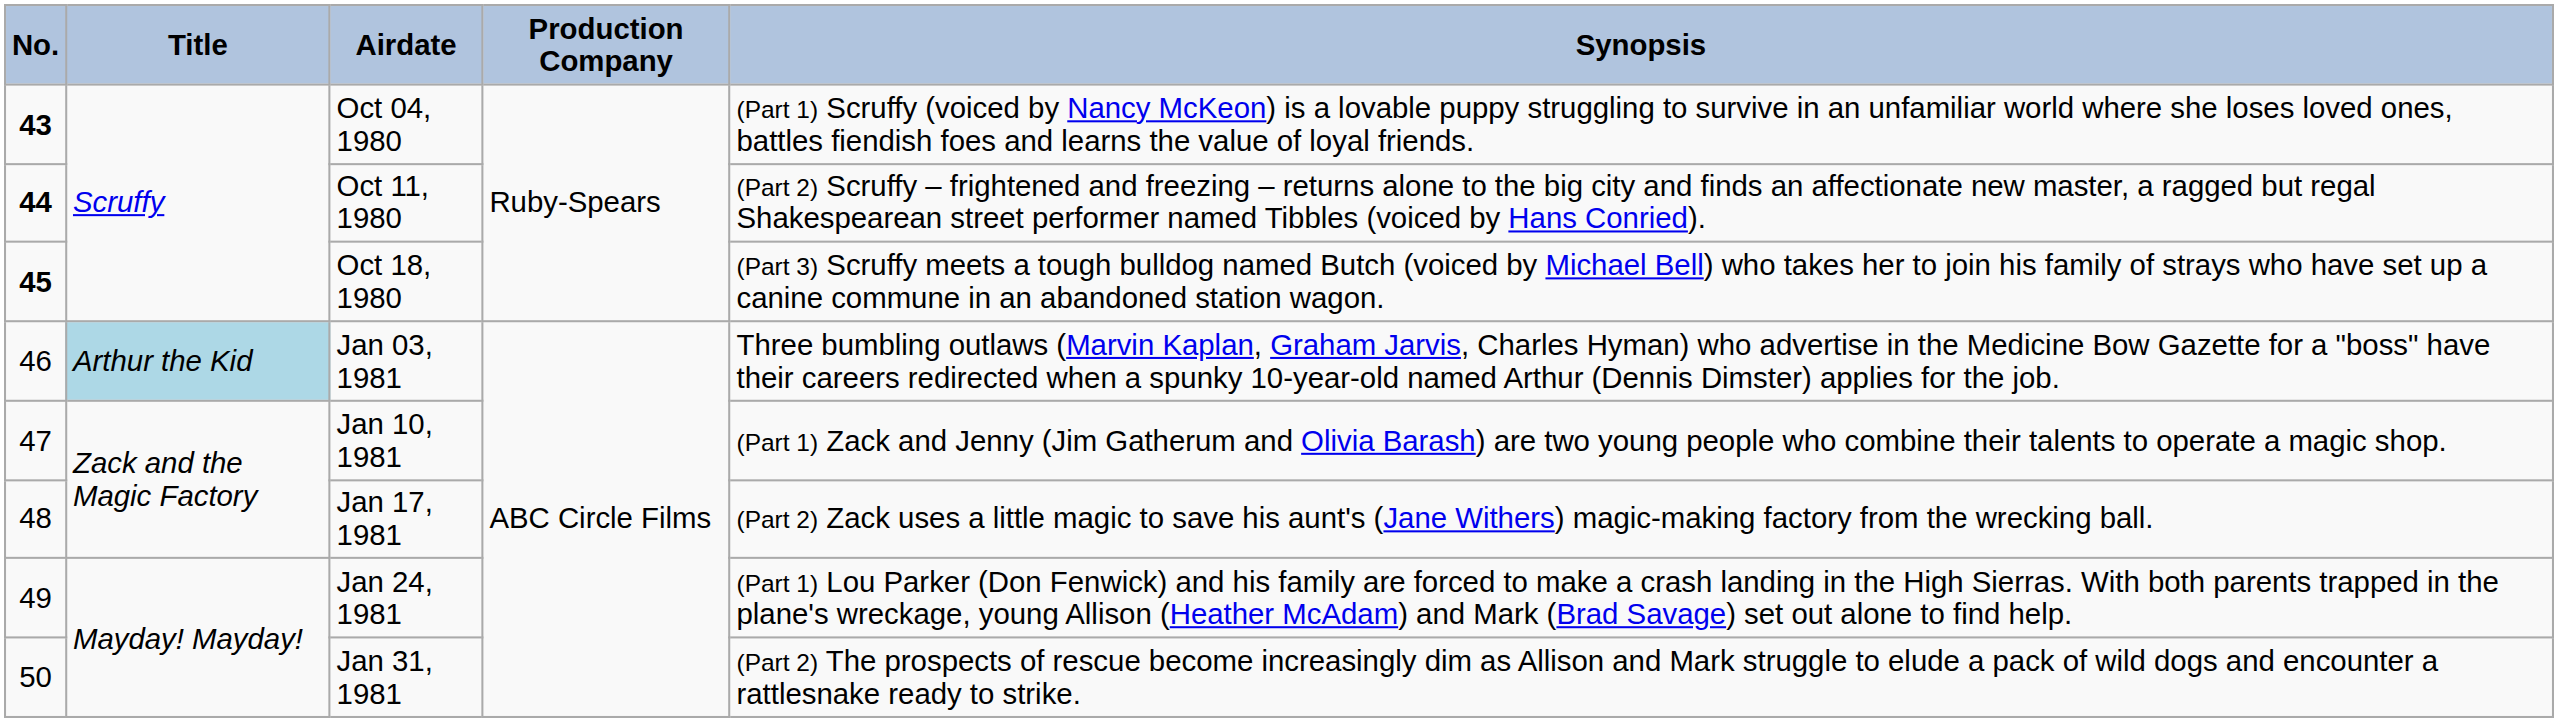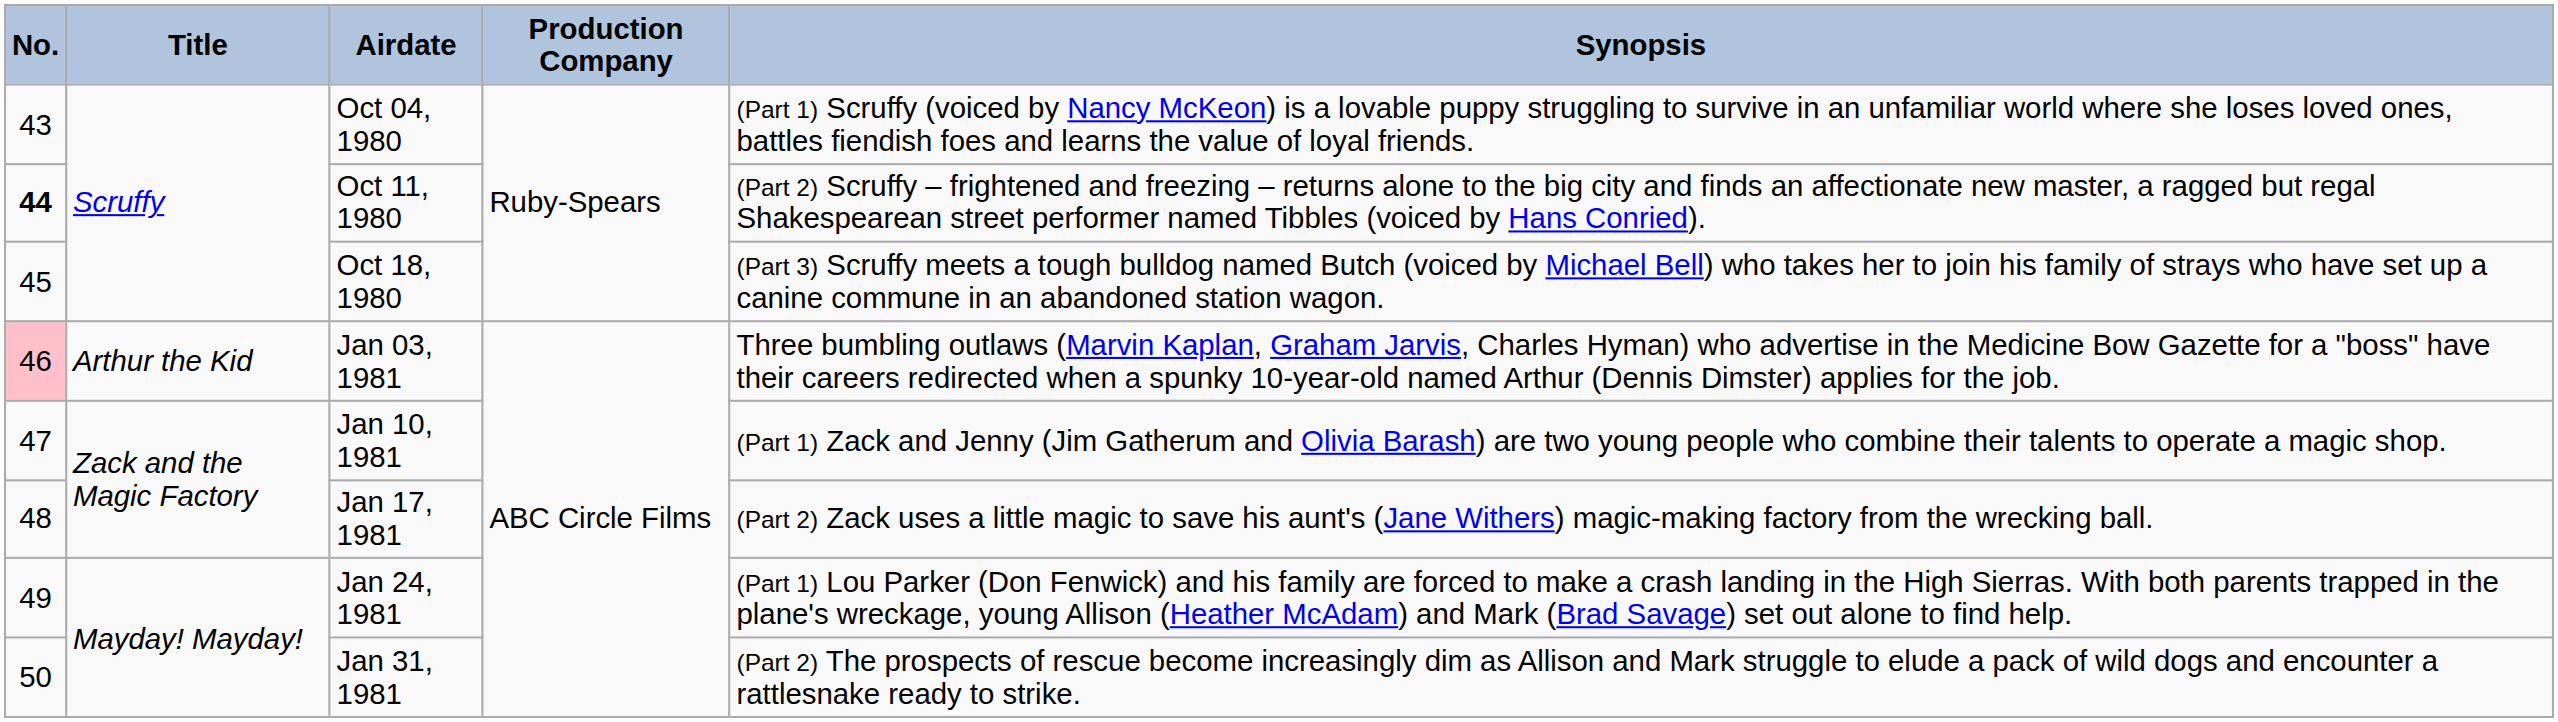 <table class="wikitable" style="font-size:90%;">
 <tr>
 <th style="background:#B0C4DE;">No.</th>
 <th style="background:#B0C4DE;">Title</th>
 <th style="background:#B0C4DE;">Airdate</th>
 <th style="background:#B0C4DE;">Production Company</th>
 <th style="background:#B0C4DE;">Synopsis</th>
 </tr>
 <tr>
-<td align="center"><strong>43</strong></td>
+<td align="center">43</td>
 <td rowspan=3><em><a href='#'>Scruffy</a></em></td>
 <td>Oct 04, 1980</td>
 <td rowspan=3>Ruby-Spears</td>
 <td><small>(Part 1)</small> Scruffy (voiced by <a href='#'>Nancy McKeon</a>) is a lovable puppy struggling to survive in an unfamiliar world where she loses loved ones, battles fiendish foes and learns the value of loyal friends.</td>
 </tr>
 <tr>
 <td align="center"><strong>44</strong></td>
 <td>Oct 11, 1980</td>
 <td><small>(Part 2)</small> Scruffy – frightened and freezing – returns alone to the big city and finds an affectionate new master, a ragged but regal Shakespearean street performer named Tibbles (voiced by <a href='#'>Hans Conried</a>).</td>
 </tr>
 <tr>
-<td align="center"><strong>45</strong></td>
+<td align="center">45</td>
 <td>Oct 18, 1980</td>
 <td><small>(Part 3)</small> Scruffy meets a tough bulldog named Butch (voiced by <a href='#'>Michael Bell</a>) who takes her to join his family of strays who have set up a canine commune in an abandoned station wagon.</td>
 </tr>
 <tr>
-<td align="center">46</td>
-<td style="background: lightblue;"><em>Arthur the Kid</em></td>
+<td align="center" style="background: pink;">46</td>
+<td><em>Arthur the Kid</em></td>
 <td>Jan 03, 1981</td>
 <td rowspan=5>ABC Circle Films</td>
 <td>Three bumbling outlaws (<a href='#'>Marvin Kaplan</a>, <a href='#'>Graham Jarvis</a>, Charles Hyman) who advertise in the Medicine Bow Gazette for a "boss" have their careers redirected when a spunky 10-year-old named Arthur (Dennis Dimster) applies for the job.</td>
 </tr>
 <tr>
 <td align="center">47</td>
 <td rowspan=2><em>Zack and the Magic Factory</em></td>
 <td>Jan 10, 1981</td>
 <td><small>(Part 1)</small> Zack and Jenny (Jim Gatherum and <a href='#'>Olivia Barash</a>) are two young people who combine their talents to operate a magic shop.</td>
 </tr>
 <tr>
 <td align="center">48</td>
 <td>Jan 17, 1981</td>
 <td><small>(Part 2)</small> Zack uses a little magic to save his aunt's (<a href='#'>Jane Withers</a>) magic-making factory from the wrecking ball.</td>
 </tr>
 <tr>
 <td align="center">49</td>
 <td rowspan=2><em>Mayday! Mayday!</em></td>
 <td>Jan 24, 1981</td>
 <td><small>(Part 1)</small> Lou Parker (Don Fenwick) and his family are forced to make a crash landing in the High Sierras. With both parents trapped in the plane's wreckage, young Allison (<a href='#'>Heather McAdam</a>) and Mark (<a href='#'>Brad Savage</a>) set out alone to find help.</td>
 </tr>
 <tr>
 <td align="center">50</td>
 <td>Jan 31, 1981</td>
 <td><small>(Part 2)</small> The prospects of rescue become increasingly dim as Allison and Mark struggle to elude a pack of wild dogs and encounter a rattlesnake ready to strike.</td>
 </tr>
 </table>
